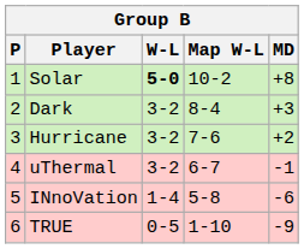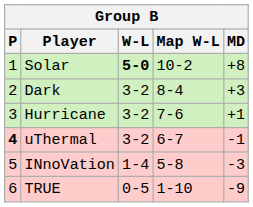 <table class="wikitable" style="display: inline-table;">
 <tr>
 <th colspan="5">Group B</th>
 </tr>
 <tr>
 <th>P</th>
 <th>Player</th>
 <th>W-L</th>
 <th>Map W-L</th>
 <th>MD</th>
 </tr>
 <tr style="background: #D0F0C0;">
 <td>1</td>
 <td>Solar</td>
 <td><strong>5-0</strong></td>
 <td>10-2</td>
 <td>+8</td>
 </tr>
 <tr style="background: #D0F0C0;">
 <td>2</td>
 <td>Dark</td>
 <td>3-2</td>
 <td>8-4</td>
 <td>+3</td>
 </tr>
 <tr style="background: #D0F0C0;">
 <td>3</td>
 <td>Hurricane</td>
 <td>3-2</td>
 <td>7-6</td>
-<td>+2</td>
+<td>+1</td>
 </tr>
 <tr style="background: #FFCCCC;">
-<td>4</td>
+<td><strong>4</strong></td>
 <td>uThermal</td>
 <td>3-2</td>
 <td>6-7</td>
 <td>-1</td>
 </tr>
 <tr style="background: #FFCCCC;">
 <td>5</td>
 <td>INnoVation</td>
 <td>1-4</td>
 <td>5-8</td>
-<td>-6</td>
+<td>-3</td>
 </tr>
 <tr style="background: #FFCCCC;">
 <td>6</td>
 <td>TRUE</td>
 <td>0-5</td>
 <td>1-10</td>
 <td>-9</td>
 </tr>
 </table>
